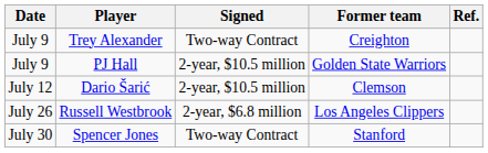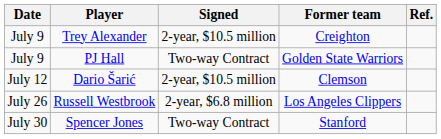 <table class="wikitable sortable sortable" style="text-align: center">
 <tr>
 <th>Date</th>
 <th>Player</th>
 <th>Signed</th>
 <th>Former team</th>
 <th>Ref.</th>
 </tr>
 <tr>
 <td>July 9</td>
 <td><a href='#'>Trey Alexander</a></td>
-<td>Two-way Contract</td>
+<td>2-year, $10.5 million</td>
 <td><a href='#'>Creighton</a></td>
 <td></td>
 </tr>
 <tr>
 <td>July 9</td>
 <td><a href='#'>PJ Hall</a></td>
-<td>2-year, $10.5 million</td>
+<td>Two-way Contract</td>
 <td><a href='#'>Golden State Warriors</a></td>
 <td></td>
 </tr>
 <tr>
 <td>July 12</td>
 <td><a href='#'>Dario Šarić</a></td>
 <td>2-year, $10.5 million</td>
 <td><a href='#'>Clemson</a></td>
 <td></td>
 </tr>
 <tr>
 <td>July 26</td>
 <td><a href='#'>Russell Westbrook</a></td>
 <td>2-year, $6.8 million</td>
 <td><a href='#'>Los Angeles Clippers</a></td>
 <td></td>
 </tr>
 <tr>
 <td>July 30</td>
 <td><a href='#'>Spencer Jones</a></td>
 <td>Two-way Contract</td>
 <td><a href='#'>Stanford</a></td>
 <td></td>
 </tr>
 </table>
